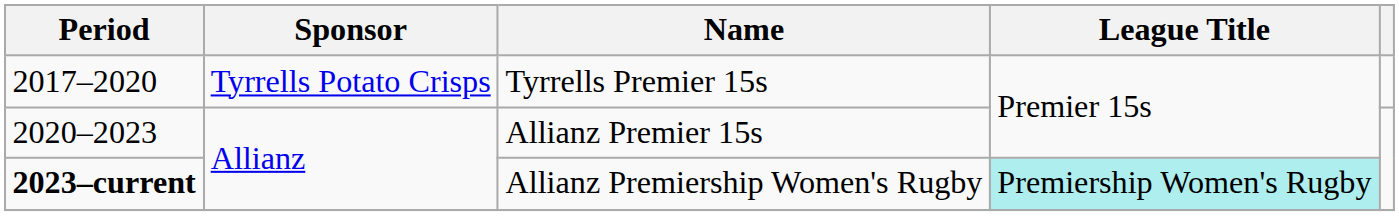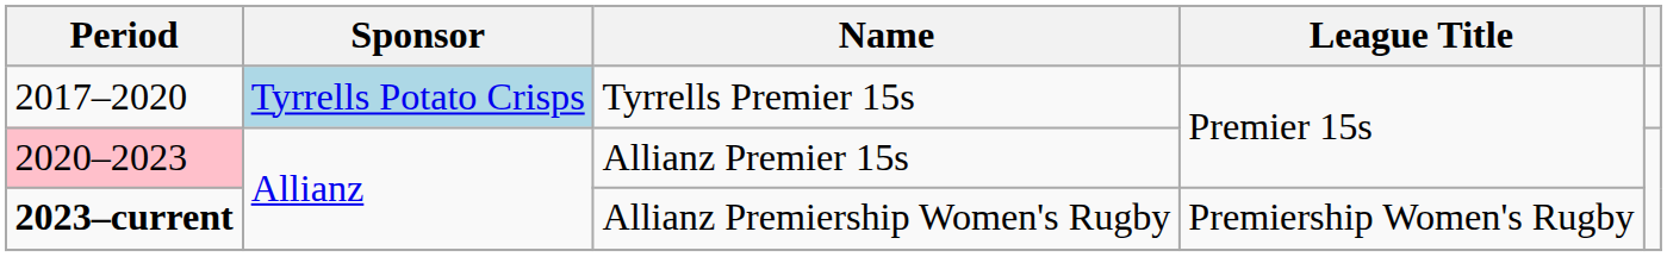 <table class="wikitable sortable">
 <tr>
 <th>Period</th>
 <th class="unsortable">Sponsor</th>
 <th class="unsortable">Name</th>
 <th class="unsortable">League Title</th>
 <th class="unsortable"></th>
 </tr>
 <tr>
 <td>2017–2020</td>
-<td> <a href='#'>Tyrrells Potato Crisps</a></td>
+<td style="background: lightblue;"> <a href='#'>Tyrrells Potato Crisps</a></td>
 <td>Tyrrells Premier 15s</td>
 <td rowspan="2">Premier 15s</td>
 <td></td>
 </tr>
 <tr>
-<td>2020–2023</td>
+<td style="background: pink;">2020–2023</td>
 <td rowspan="2"> <a href='#'>Allianz</a></td>
 <td>Allianz Premier 15s</td>
 <td rowspan="2" align="center"></td>
 </tr>
 <tr>
 <td><strong>2023–current</strong></td>
 <td>Allianz Premiership Women's Rugby</td>
-<td style="background: paleturquoise;">Premiership Women's Rugby</td>
+<td>Premiership Women's Rugby</td>
 </tr>
 <tr>
 </tr>
 </table>
